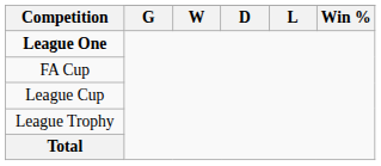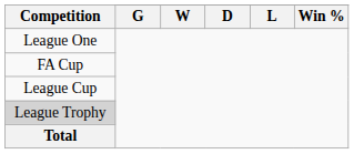 <table class="wikitable sortable" style="text-align: center">
 <tr>
 <th rowspan=2! width=110>Competition</th>
 </tr>
 <tr>
 <th width=40>G</th>
 <th width=40>W</th>
 <th width=40>D</th>
 <th width=40>L</th>
 <th width=50>Win %</th>
 </tr>
 <tr>
-<td><strong>League One<br></strong></td>
+<td>League One<br></td>
 </tr>
 <tr>
 <td>FA Cup<br></td>
 </tr>
 <tr>
 <td>League Cup<br></td>
 </tr>
 <tr>
-<td>League Trophy<br></td>
+<td style="background: lightgrey;">League Trophy<br></td>
 </tr>
 <tr>
 <th colspan="1">Total<br></th>
 </tr>
 </table>
